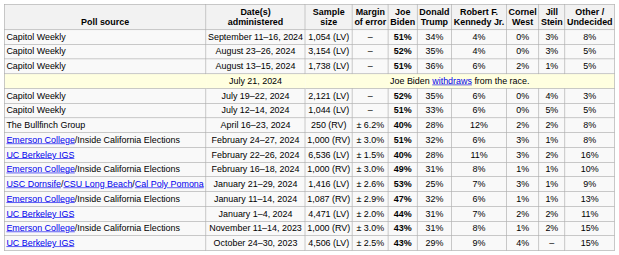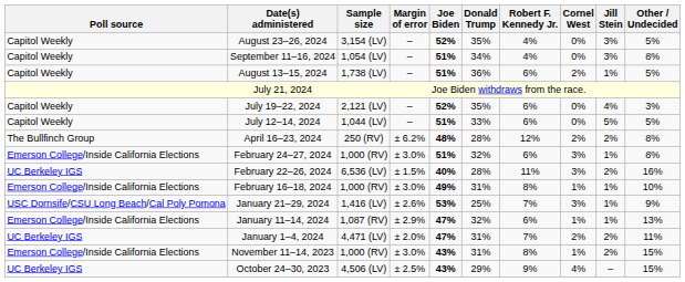 <table class="wikitable sortable mw-datatable" style="font-size:90%;text-align:center;line-height:17px">
 <tr valign=bottom>
 <th>Poll source</th>
 <th>Date(s)<br>administered</th>
 <th>Sample<br>size</th>
 <th>Margin<br>of error</th>
 <th class="unsortable">Joe<br>Biden<br></th>
 <th class="unsortable">Donald<br>Trump<br></th>
 <th class="unsortable">Robert F.<br>Kennedy Jr.<br></th>
 <th class="unsortable">Cornel<br>West<br></th>
 <th class="unsortable">Jill<br>Stein<br></th>
 <th class="unsortable">Other /<br>Undecided</th>
 </tr>
 <tr>
 <td style="text-align:left;">Capitol Weekly</td>
+<td data-sort-value="2024-07-27">August 23–26, 2024</td>
+<td>3,154 (LV)</td>
+<td>–</td>
+<td style="color:black;background-color:"><strong>52%</strong></td>
+<td>35%</td>
+<td>4%</td>
+<td>0%</td>
+<td>3%</td>
+<td>5%</td>
+</tr>
+<tr>
+<td style="text-align:left;">Capitol Weekly</td>
 <td data-sort-value="2024-09-16">September 11–16, 2024</td>
 <td>1,054 (LV)</td>
 <td>–</td>
 <td style="color:black;background-color:"><strong>51%</strong></td>
 <td>34%</td>
 <td>4%</td>
 <td>0%</td>
 <td>3%</td>
 <td>8%</td>
-</tr>
-<tr>
-<td style="text-align:left;">Capitol Weekly</td>
-<td data-sort-value="2024-07-27">August 23–26, 2024</td>
-<td>3,154 (LV)</td>
-<td>–</td>
-<td style="color:black;background-color:"><strong>52%</strong></td>
-<td>35%</td>
-<td>4%</td>
-<td>0%</td>
-<td>3%</td>
-<td>5%</td>
 </tr>
 <tr>
 <td style="text-align:left;">Capitol Weekly</td>
 <td data-sort-value="2024-08-15">August 13–15, 2024</td>
 <td>1,738 (LV)</td>
 <td>–</td>
 <td style="color:black;background-color:"><strong>51%</strong></td>
 <td>36%</td>
 <td>6%</td>
 <td>2%</td>
 <td>1%</td>
 <td>5%</td>
 </tr>
 <tr style="background:lightyellow;">
 <td style="border-right-style:hidden;"></td>
 <td style="border-right-style:hidden; " data-sort-value="2024-07-21">July 21, 2024</td>
 <td colspan="8">Joe Biden <a href='#'>withdraws</a> from the race.</td>
 </tr>
 <tr>
 <td style="text-align:left;">Capitol Weekly</td>
 <td data-sort-value="2024-07-22">July 19–22, 2024</td>
 <td>2,121 (LV)</td>
 <td>–</td>
 <td style="color:black;background-color:"><strong>52%</strong></td>
 <td>35%</td>
 <td>6%</td>
 <td>0%</td>
 <td>4%</td>
 <td>3%</td>
 </tr>
 <tr>
 <td style="text-align:left;">Capitol Weekly</td>
 <td data-sort-value="2024-07-14">July 12–14, 2024</td>
 <td>1,044 (LV)</td>
 <td>–</td>
 <td style="color:black;background-color:"><strong>51%</strong></td>
 <td>33%</td>
 <td>6%</td>
 <td>0%</td>
 <td>5%</td>
 <td>5%</td>
 </tr>
 <tr>
 <td style="text-align:left;">The Bullfinch Group</td>
 <td>April 16–23, 2024</td>
 <td>250 (RV)</td>
 <td>± 6.2%</td>
-<td style="color:black;background-color:"><strong>40%</strong></td>
+<td style="color:black;background-color:"><strong>48%</strong></td>
 <td>28%</td>
 <td>12%</td>
 <td>2%</td>
 <td>2%</td>
 <td>8%</td>
 </tr>
 <tr>
 <td style="text-align:left;"><a href='#'>Emerson College</a>/Inside California Elections</td>
 <td>February 24–27, 2024</td>
 <td>1,000 (RV)</td>
 <td>± 3.0%</td>
 <td style="color:black;background-color:"><strong>51%</strong></td>
 <td>32%</td>
 <td>6%</td>
 <td>3%</td>
 <td>1%</td>
 <td>8%</td>
 </tr>
 <tr>
 <td style="text-align:left;"><a href='#'>UC Berkeley IGS</a></td>
 <td>February 22–26, 2024</td>
 <td>6,536 (LV)</td>
 <td>± 1.5%</td>
 <td style="color:black;background-color:"><strong>40%</strong></td>
 <td>28%</td>
 <td>11%</td>
 <td>3%</td>
 <td>2%</td>
 <td>16%</td>
 </tr>
 <tr>
 <td style="text-align:left;"><a href='#'>Emerson College</a>/Inside California Elections</td>
 <td>February 16–18, 2024</td>
 <td>1,000 (RV)</td>
 <td>± 3.0%</td>
 <td style="color:black;background-color:"><strong>49%</strong></td>
 <td>31%</td>
 <td>8%</td>
 <td>1%</td>
 <td>1%</td>
 <td>10%</td>
 </tr>
 <tr>
 <td style="text-align:left;"><a href='#'>USC Dornsife</a>/<a href='#'>CSU Long Beach</a>/<a href='#'>Cal Poly Pomona</a></td>
 <td>January 21–29, 2024</td>
 <td>1,416 (LV)</td>
 <td>± 2.6%</td>
 <td style="color:black;background-color:"><strong>53%</strong></td>
 <td>25%</td>
 <td>7%</td>
 <td>3%</td>
 <td>1%</td>
 <td>9%</td>
 </tr>
 <tr>
 <td style="text-align:left;"><a href='#'>Emerson College</a>/Inside California Elections</td>
 <td>January 11–14, 2024</td>
 <td>1,087 (RV)</td>
 <td>± 2.9%</td>
 <td style="color:black;background-color:"><strong>47%</strong></td>
 <td>32%</td>
 <td>6%</td>
 <td>1%</td>
 <td>1%</td>
 <td>13%</td>
 </tr>
 <tr>
 <td style="text-align:left;"><a href='#'>UC Berkeley IGS</a></td>
 <td>January 1–4, 2024</td>
 <td>4,471 (LV)</td>
 <td>± 2.0%</td>
-<td style="color:black;background-color:"><strong>44%</strong></td>
+<td style="color:black;background-color:"><strong>47%</strong></td>
 <td>31%</td>
 <td>7%</td>
 <td>2%</td>
 <td>2%</td>
 <td>11%</td>
 </tr>
 <tr>
 <td style="text-align:left;"><a href='#'>Emerson College</a>/Inside California Elections</td>
 <td>November 11–14, 2023</td>
 <td>1,000 (RV)</td>
 <td>± 3.0%</td>
 <td style="color:black;background-color:"><strong>43%</strong></td>
 <td>31%</td>
 <td>8%</td>
 <td>1%</td>
 <td>2%</td>
 <td>15%</td>
 </tr>
 <tr>
 <td style="text-align:left;"><a href='#'>UC Berkeley IGS</a></td>
 <td>October 24–30, 2023</td>
 <td>4,506 (LV)</td>
 <td>± 2.5%</td>
 <td style="color:black;background-color:"><strong>43%</strong></td>
 <td>29%</td>
 <td>9%</td>
 <td>4%</td>
 <td>–</td>
 <td>15%</td>
 </tr>
 </table>
